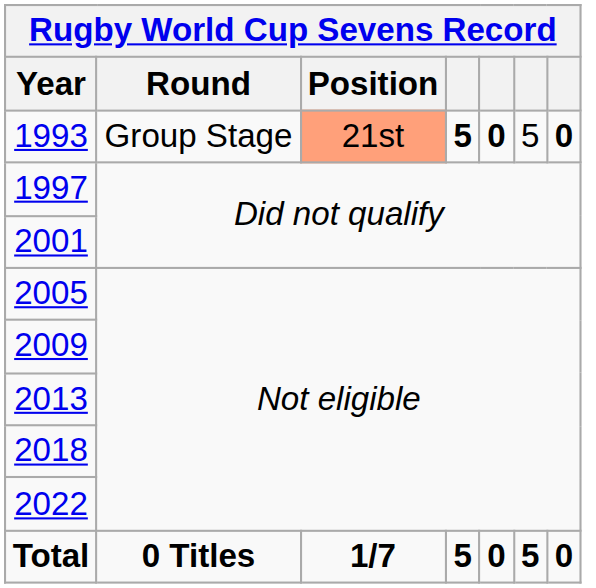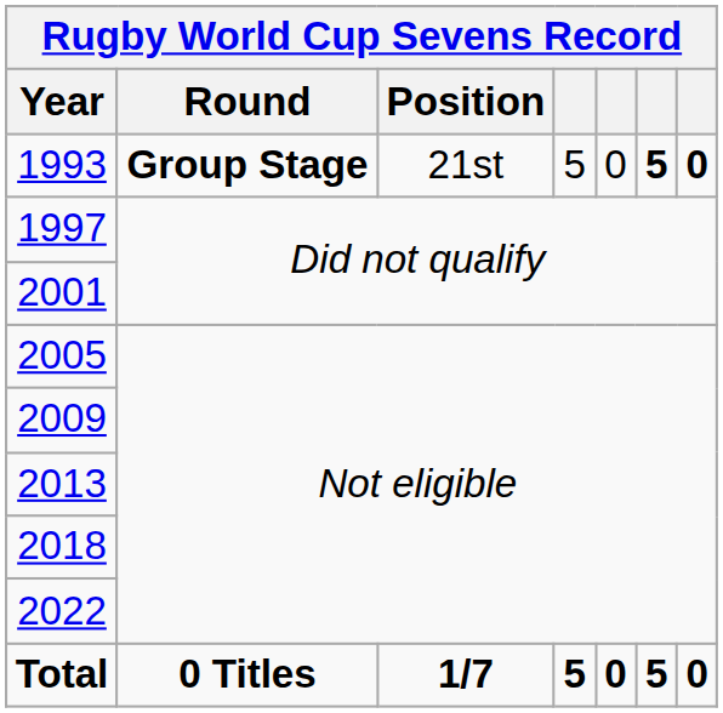 <table class="wikitable" style="text-align: center;">
 <tr>
 <th colspan=10><a href='#'>Rugby World Cup Sevens Record</a></th>
 </tr>
 <tr>
 <th>Year</th>
 <th>Round</th>
 <th>Position</th>
 <th></th>
 <th></th>
 <th></th>
 <th></th>
 </tr>
 <tr>
 <td> <a href='#'>1993</a></td>
-<td>Group Stage</td>
-<td style="background: lightsalmon;">21st</td>
+<td><strong>Group Stage</strong></td>
+<td>21st</td>
+<td>5</td>
+<td>0</td>
 <td><strong>5</strong></td>
-<td><strong>0</strong></td>
-<td>5</td>
 <td><strong>0</strong></td>
 </tr>
 <tr>
 <td> <a href='#'>1997</a></td>
 <td colspan=6 rowspan=2><em>Did not qualify</em></td>
 </tr>
 <tr>
 <td> <a href='#'>2001</a></td>
 </tr>
 <tr>
 <td> <a href='#'>2005</a></td>
 <td rowspan=5 colspan=6><em>Not eligible</em></td>
 </tr>
 <tr>
 <td> <a href='#'>2009</a></td>
 </tr>
 <tr>
 <td> <a href='#'>2013</a></td>
 </tr>
 <tr>
 <td> <a href='#'>2018</a></td>
 </tr>
 <tr>
 <td> <a href='#'>2022</a></td>
 </tr>
 <tr>
 <td colspan=1><strong>Total</strong></td>
 <td><strong>0 Titles</strong></td>
 <td><strong>1/7</strong></td>
 <td><strong>5</strong></td>
 <td><strong>0</strong></td>
 <td><strong>5</strong></td>
 <td><strong>0</strong></td>
 </tr>
 </table>
